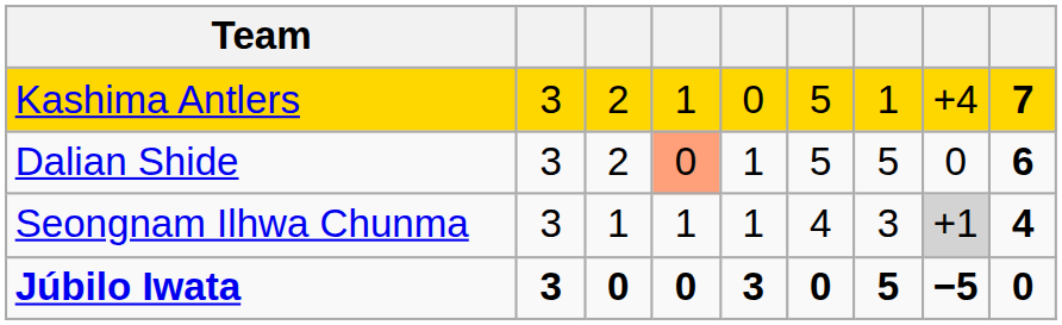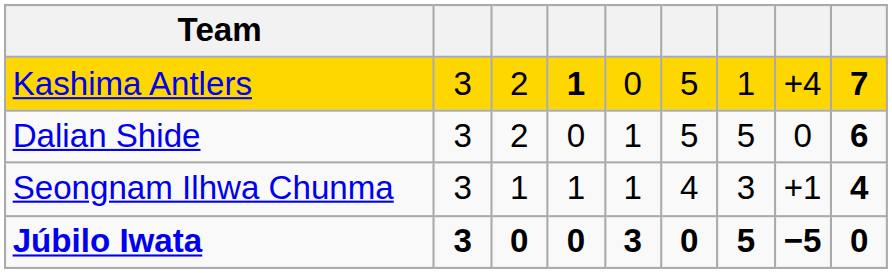 <table class="wikitable" style="text-align: center;">
 <tr>
 <th width=200>Team</th>
 <th width=20></th>
 <th width=20></th>
 <th width=20></th>
 <th width=20></th>
 <th width=20></th>
 <th width=20></th>
 <th width=20></th>
 <th width=20></th>
 </tr>
 <tr bgcolor=gold>
 <td align=left> <a href='#'>Kashima Antlers</a></td>
 <td>3</td>
 <td>2</td>
-<td>1</td>
+<td><strong>1</strong></td>
 <td>0</td>
 <td>5</td>
 <td>1</td>
 <td>+4</td>
 <td><strong>7</strong></td>
 </tr>
 <tr>
 <td align=left> <a href='#'>Dalian Shide</a></td>
 <td>3</td>
 <td>2</td>
-<td style="background: lightsalmon;">0</td>
+<td>0</td>
 <td>1</td>
 <td>5</td>
 <td>5</td>
 <td>0</td>
 <td><strong>6</strong></td>
 </tr>
 <tr>
 <td align=left> <a href='#'>Seongnam Ilhwa Chunma</a></td>
 <td>3</td>
 <td>1</td>
 <td>1</td>
 <td>1</td>
 <td>4</td>
 <td>3</td>
-<td style="background: lightgrey;">+1</td>
+<td>+1</td>
 <td><strong>4</strong></td>
 </tr>
 <tr>
 <td align=left> <strong><a href='#'>Júbilo Iwata</a></strong></td>
 <td><strong>3</strong></td>
 <td><strong>0</strong></td>
 <td><strong>0</strong></td>
 <td><strong>3</strong></td>
 <td><strong>0</strong></td>
 <td><strong>5</strong></td>
 <td><strong>−5</strong></td>
 <td><strong>0</strong></td>
 </tr>
 </table>
